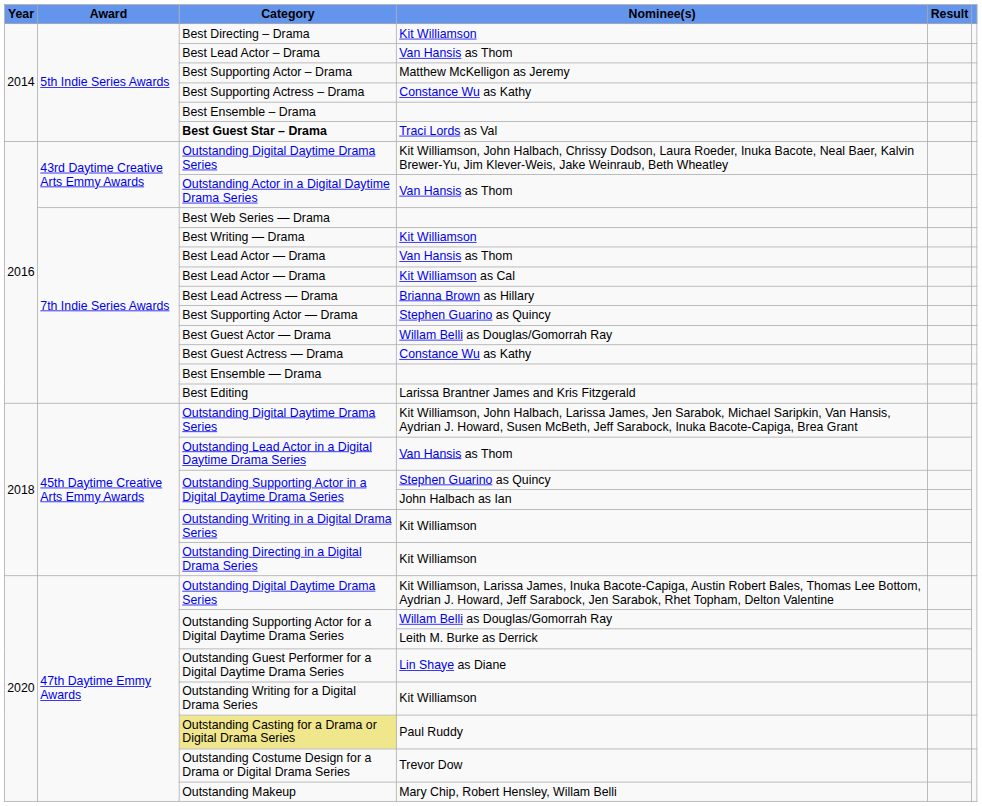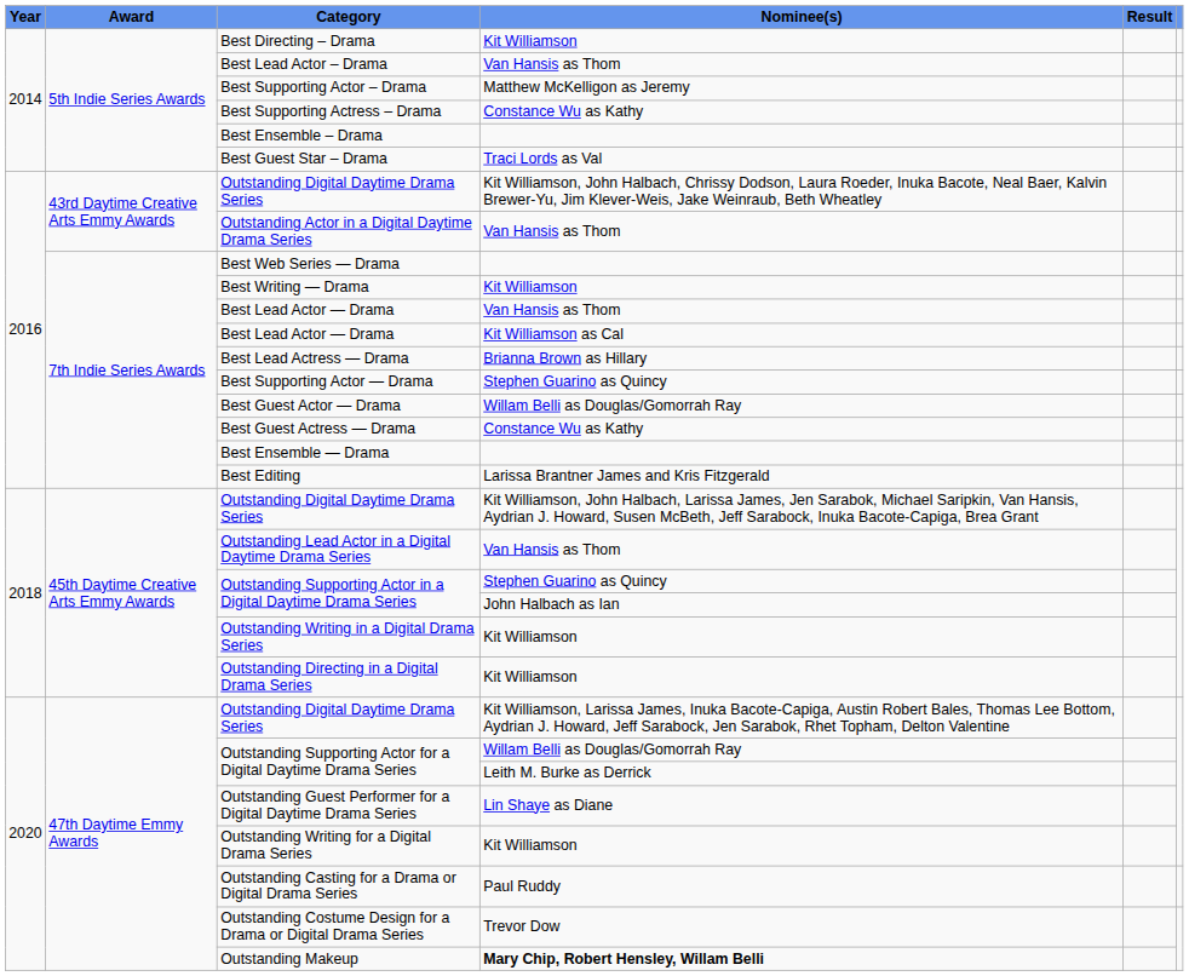 <table class=wikitable style="width:100%">
 <tr>
 <th style="background:#6495ED;">Year</th>
 <th style="background:#6495ED;">Award</th>
 <th style="background:#6495ED;">Category</th>
 <th style="background:#6495ED;">Nominee(s)</th>
 <th style="background:#6495ED;">Result</th>
 <th style="background:#6495ED;"></th>
 </tr>
 <tr>
 <td rowspan="6" align="center">2014</td>
 <td rowspan="6" align="left"><a href='#'>5th Indie Series Awards</a></td>
 <td>Best Directing – Drama</td>
 <td><a href='#'>Kit Williamson</a></td>
 <td></td>
 <td align=center></td>
 </tr>
 <tr>
 <td>Best Lead Actor – Drama</td>
 <td><a href='#'>Van Hansis</a> as Thom</td>
 <td></td>
 <td align=center></td>
 </tr>
 <tr>
 <td>Best Supporting Actor – Drama</td>
 <td>Matthew McKelligon as Jeremy</td>
 <td></td>
 <td align=center></td>
 </tr>
 <tr>
 <td>Best Supporting Actress – Drama</td>
 <td><a href='#'>Constance Wu</a> as Kathy</td>
 <td></td>
 <td align=center></td>
 </tr>
 <tr>
 <td>Best Ensemble – Drama</td>
 <td></td>
 <td></td>
 <td align=center></td>
 </tr>
 <tr>
-<td><strong>Best Guest Star – Drama</strong></td>
+<td>Best Guest Star – Drama</td>
 <td><a href='#'>Traci Lords</a> as Val</td>
 <td></td>
 <td align=center></td>
 </tr>
 <tr>
 <td rowspan="12" align="center">2016</td>
 <td rowspan="2" align="left"><a href='#'>43rd Daytime Creative Arts Emmy Awards</a></td>
 <td><a href='#'>Outstanding Digital Daytime Drama Series</a></td>
 <td>Kit Williamson, John Halbach, Chrissy Dodson, Laura Roeder, Inuka Bacote, Neal Baer, Kalvin Brewer-Yu, Jim Klever-Weis, Jake Weinraub, Beth Wheatley</td>
 <td></td>
 <td align=center></td>
 </tr>
 <tr>
 <td><a href='#'>Outstanding Actor in a Digital Daytime Drama Series</a></td>
 <td><a href='#'>Van Hansis</a> as Thom</td>
 <td></td>
 <td align=center></td>
 </tr>
 <tr>
 <td rowspan="10" align="left"><a href='#'>7th Indie Series Awards</a></td>
 <td>Best Web Series — Drama</td>
 <td></td>
 <td></td>
 <td align=center></td>
 </tr>
 <tr>
 <td>Best Writing — Drama</td>
 <td><a href='#'>Kit Williamson</a></td>
 <td></td>
 <td align=center></td>
 </tr>
 <tr>
 <td>Best Lead Actor — Drama</td>
 <td><a href='#'>Van Hansis</a> as Thom</td>
 <td></td>
 <td align=center></td>
 </tr>
 <tr>
 <td>Best Lead Actor — Drama</td>
 <td><a href='#'>Kit Williamson</a> as Cal</td>
 <td></td>
 <td align=center></td>
 </tr>
 <tr>
 <td>Best Lead Actress — Drama</td>
 <td><a href='#'>Brianna Brown</a> as Hillary</td>
 <td></td>
 <td align=center></td>
 </tr>
 <tr>
 <td>Best Supporting Actor — Drama</td>
 <td><a href='#'>Stephen Guarino</a> as Quincy</td>
 <td></td>
 <td align=center></td>
 </tr>
 <tr>
 <td>Best Guest Actor — Drama</td>
 <td><a href='#'>Willam Belli</a> as Douglas/Gomorrah Ray</td>
 <td></td>
 <td align=center></td>
 </tr>
 <tr>
 <td>Best Guest Actress — Drama</td>
 <td><a href='#'>Constance Wu</a> as Kathy</td>
 <td></td>
 <td align=center></td>
 </tr>
 <tr>
 <td>Best Ensemble — Drama</td>
 <td></td>
 <td></td>
 <td align=center></td>
 </tr>
 <tr>
 <td>Best Editing</td>
 <td>Larissa Brantner James and Kris Fitzgerald</td>
 <td></td>
 <td align=center></td>
 </tr>
 <tr>
 <td rowspan="6" align="center">2018</td>
 <td rowspan="6" align="left"><a href='#'>45th Daytime Creative Arts Emmy Awards</a></td>
 <td><a href='#'>Outstanding Digital Daytime Drama Series</a></td>
 <td>Kit Williamson, John Halbach, Larissa James, Jen Sarabok, Michael Saripkin, Van Hansis, Aydrian J. Howard, Susen McBeth, Jeff Sarabock, Inuka Bacote-Capiga, Brea Grant</td>
 <td></td>
 <td rowspan="6" align=center></td>
 </tr>
 <tr>
 <td><a href='#'>Outstanding Lead Actor in a Digital Daytime Drama Series</a></td>
 <td><a href='#'>Van Hansis</a> as Thom</td>
 <td></td>
 </tr>
 <tr>
 <td rowspan=2><a href='#'>Outstanding Supporting Actor in a Digital Daytime Drama Series</a></td>
 <td><a href='#'>Stephen Guarino</a> as Quincy</td>
 <td></td>
 </tr>
 <tr>
 <td>John Halbach as Ian</td>
 <td></td>
 </tr>
 <tr>
 <td><a href='#'>Outstanding Writing in a Digital Drama Series</a></td>
 <td>Kit Williamson</td>
 <td></td>
 </tr>
 <tr>
 <td><a href='#'>Outstanding Directing in a Digital Drama Series</a></td>
 <td>Kit Williamson</td>
 <td></td>
 </tr>
 <tr>
 <td rowspan=8 align=center>2020</td>
 <td rowspan=8 align=left><a href='#'>47th Daytime Emmy Awards</a></td>
 <td><a href='#'>Outstanding Digital Daytime Drama Series</a></td>
 <td>Kit Williamson, Larissa James, Inuka Bacote-Capiga, Austin Robert Bales, Thomas Lee Bottom, Aydrian J. Howard, Jeff Sarabock, Jen Sarabok, Rhet Topham,  Delton Valentine</td>
 <td></td>
 <td rowspan=5 align=center></td>
 </tr>
 <tr>
 <td rowspan=2>Outstanding Supporting Actor for a Digital Daytime Drama Series</td>
 <td><a href='#'>Willam Belli</a> as Douglas/Gomorrah Ray</td>
 <td></td>
 </tr>
 <tr>
 <td>Leith M. Burke as Derrick</td>
 <td></td>
 </tr>
 <tr>
 <td>Outstanding Guest Performer for a Digital Daytime Drama Series</td>
 <td><a href='#'>Lin Shaye</a> as Diane</td>
 <td></td>
 </tr>
 <tr>
 <td>Outstanding Writing for a Digital Drama Series</td>
 <td>Kit Williamson</td>
 <td></td>
 </tr>
 <tr>
-<td style="background: khaki;">Outstanding Casting for a Drama or Digital Drama Series</td>
+<td>Outstanding Casting for a Drama or Digital Drama Series</td>
 <td>Paul Ruddy</td>
 <td></td>
 <td align=center></td>
 </tr>
 <tr>
 <td>Outstanding Costume Design for a Drama or Digital Drama Series</td>
 <td>Trevor Dow</td>
 <td></td>
 <td rowspan=2 align=center></td>
 </tr>
 <tr>
 <td>Outstanding Makeup</td>
-<td>Mary Chip, Robert Hensley, Willam Belli</td>
+<td><strong>Mary Chip, Robert Hensley, Willam Belli</strong></td>
 <td></td>
 </tr>
 </table>
